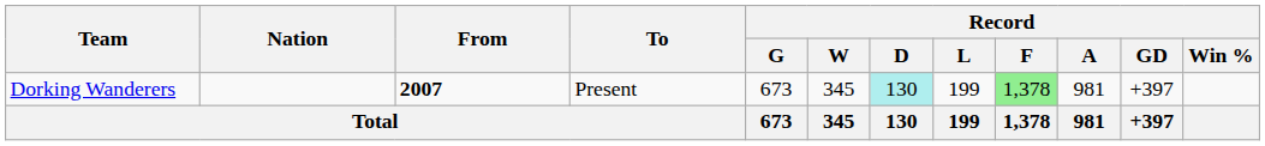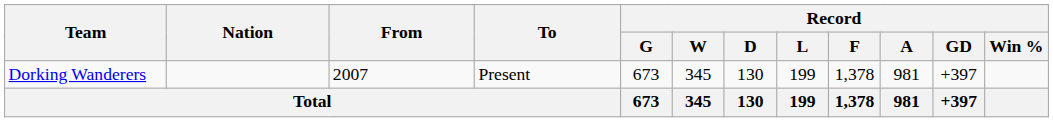 <table class="wikitable" style="text-align: center">
 <tr>
 <th rowspan=2 width=140>Team</th>
 <th rowspan=2 width=140>Nation</th>
 <th rowspan=2 width=125>From</th>
 <th rowspan=2 width=125>To</th>
 <th colspan=8>Record</th>
 </tr>
 <tr>
 <th width=40>G</th>
 <th width=40>W</th>
 <th width=40>D</th>
 <th width=40>L</th>
 <th width=40>F</th>
 <th width=40>A</th>
 <th width=40>GD</th>
 <th width=50>Win %</th>
 </tr>
 <tr>
 <td align="left"><a href='#'>Dorking Wanderers</a></td>
 <td align="left"></td>
-<td align=left><strong>2007</strong></td>
+<td align=left>2007</td>
 <td align=left>Present</td>
 <td>673</td>
 <td>345</td>
-<td style="background: paleturquoise;">130</td>
+<td>130</td>
 <td>199</td>
-<td style="background: lightgreen;">1,378</td>
+<td>1,378</td>
 <td>981</td>
 <td>+397</td>
 <td></td>
 </tr>
 <tr>
 <th align="center" colspan="4">Total</th>
 <th>673</th>
 <th>345</th>
 <th>130</th>
 <th>199</th>
 <th>1,378</th>
 <th>981</th>
 <th>+397</th>
 <th></th>
 </tr>
 </table>
